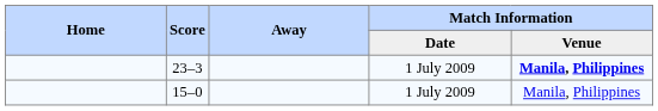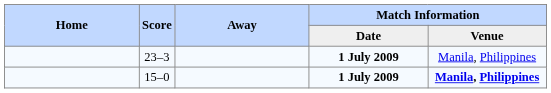 <table border=1 style="border-collapse:collapse; font-size:90%; text-align:center;" cellpadding=3 cellspacing=0 width=100%>
 <tr bgcolor=#C1D8FF>
 <th rowspan=2 width=25%>Home</th>
 <th rowspan=2 width=6%>Score</th>
 <th rowspan=2 width=25%>Away</th>
 <th colspan=6>Match Information</th>
 </tr>
 <tr bgcolor=#EFEFEF>
 <th width=22%>Date</th>
 <th width=22%>Venue</th>
 </tr>
 <tr bgcolor=#F5FAFF>
 <td align=right><strong></strong></td>
 <td>23–3</td>
 <td align=left></td>
-<td>1 July 2009</td>
-<td><strong><a href='#'>Manila</a>, <a href='#'>Philippines</a></strong></td>
+<td><strong>1 July 2009</strong></td>
+<td><a href='#'>Manila</a>, <a href='#'>Philippines</a></td>
 </tr>
 <tr bgcolor=#F5FAFF>
 <td align=right><strong></strong></td>
 <td>15–0</td>
 <td align=left></td>
-<td>1 July 2009</td>
-<td><a href='#'>Manila</a>, <a href='#'>Philippines</a></td>
+<td><strong>1 July 2009</strong></td>
+<td><strong><a href='#'>Manila</a>, <a href='#'>Philippines</a></strong></td>
 </tr>
 </table>
